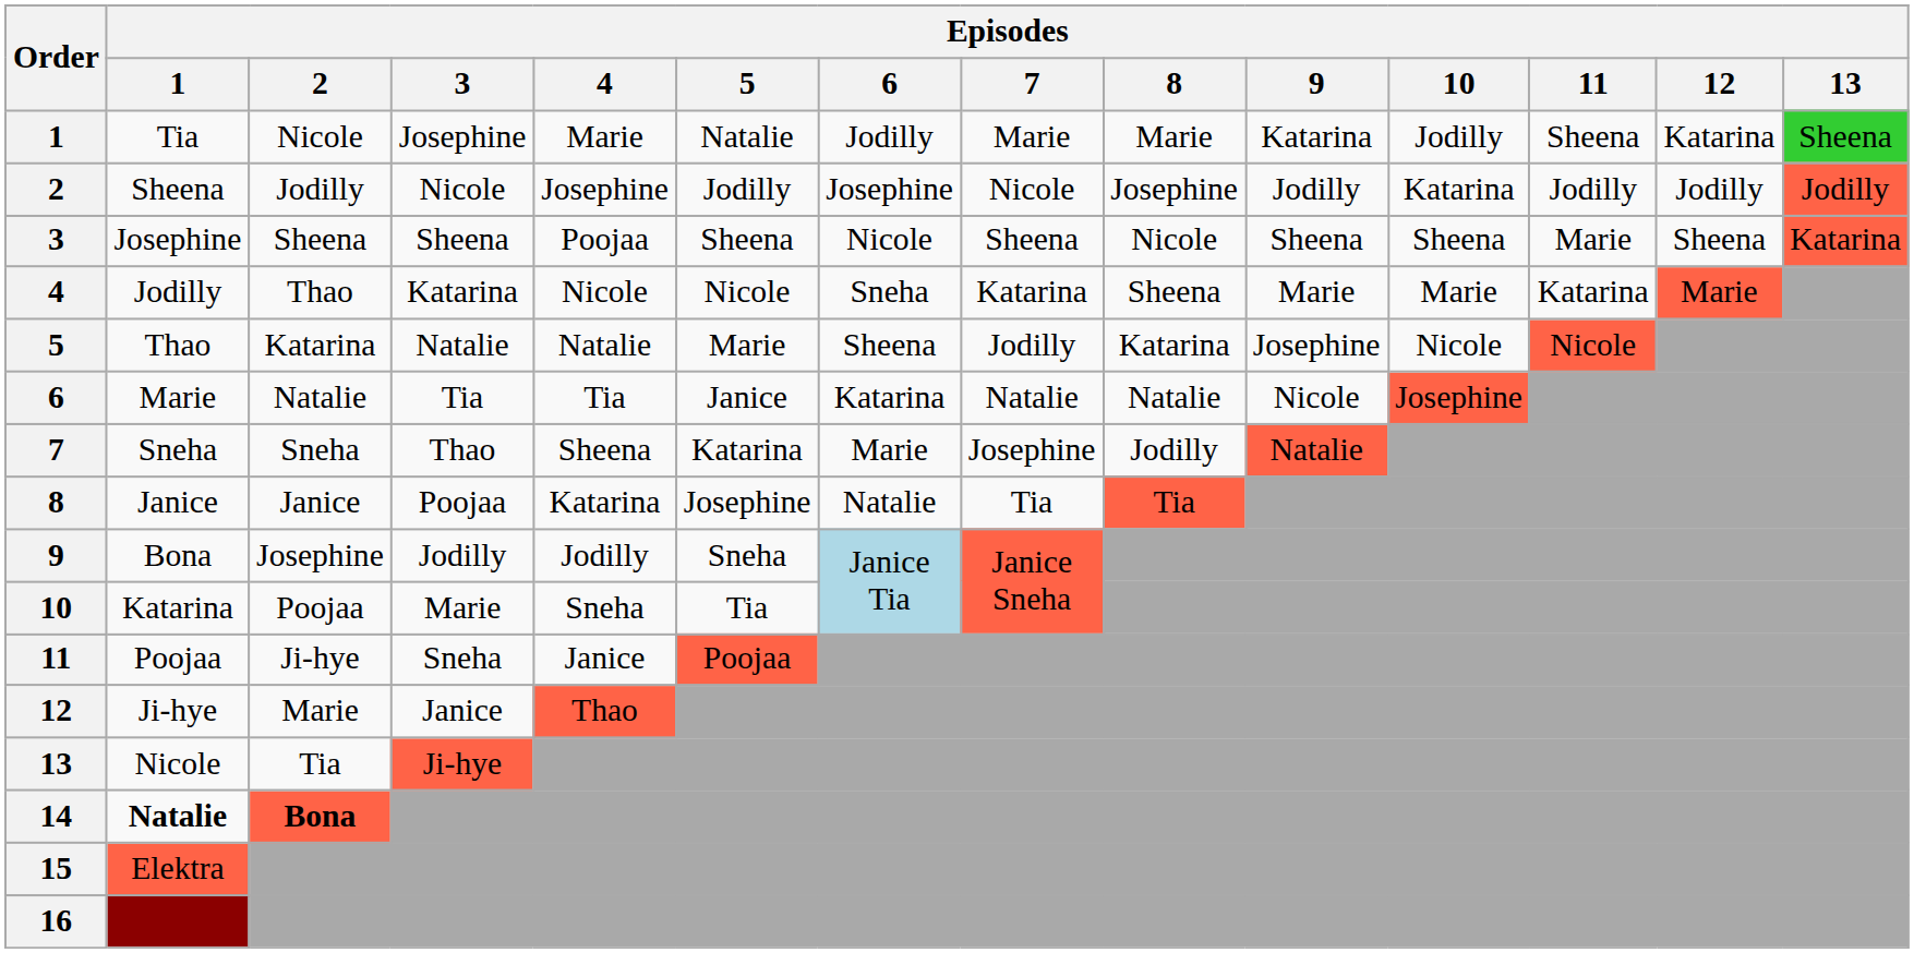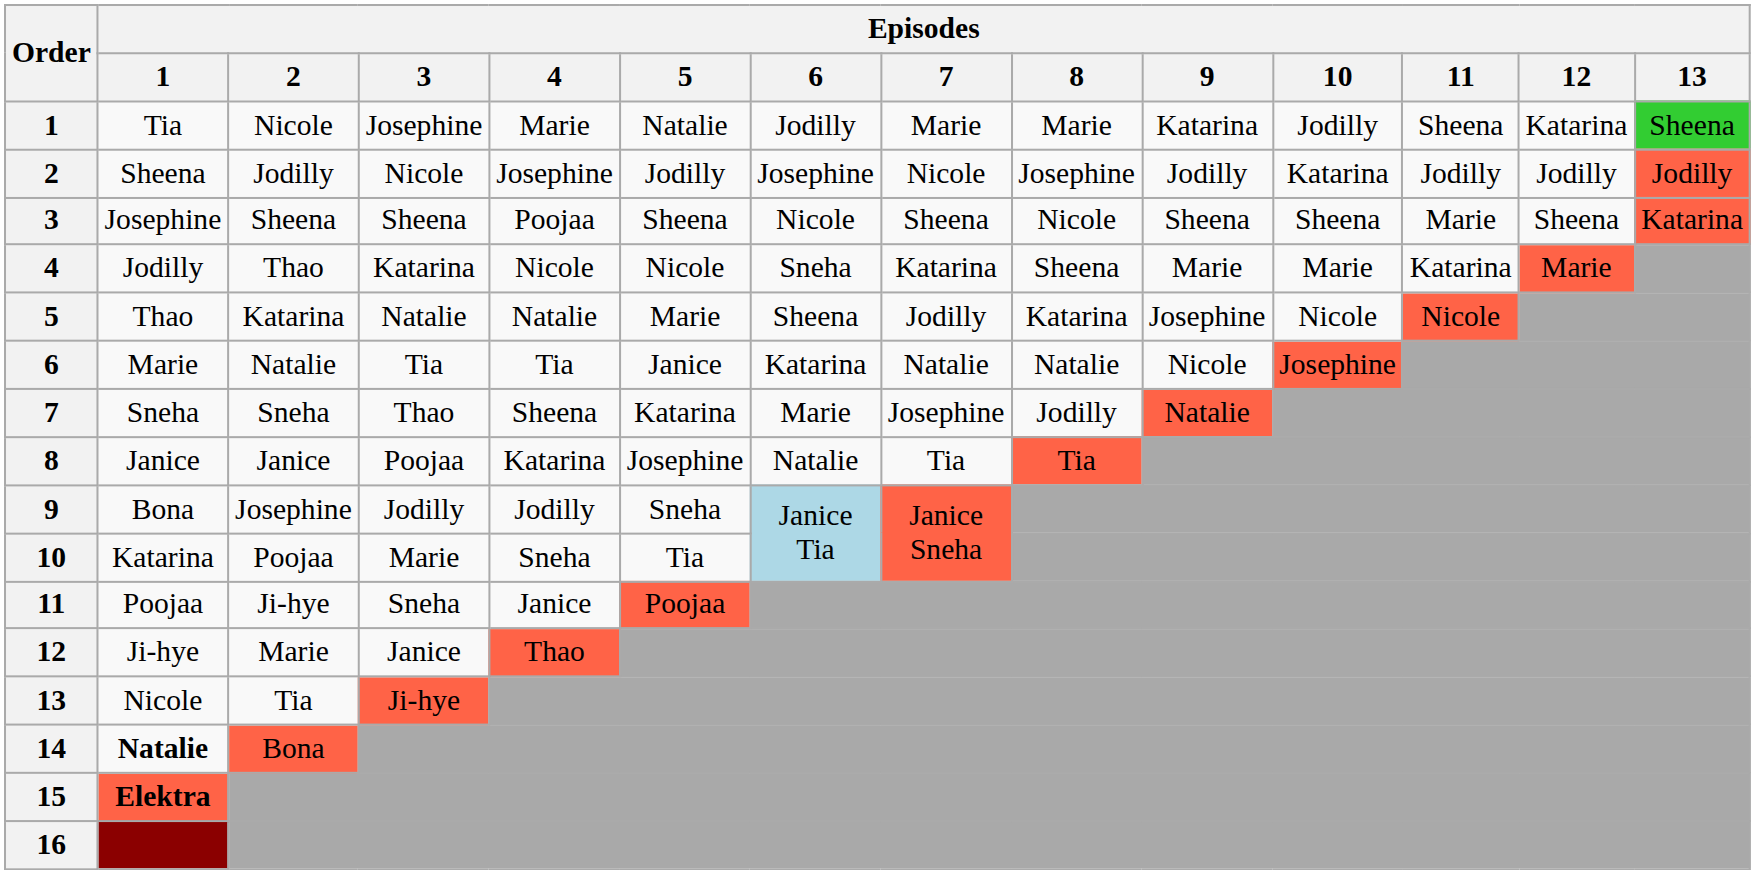 <table class="wikitable" style="text-align:center; font-size:92%">
 <tr>
 <th rowspan=2>Order</th>
 <th colspan=13>Episodes</th>
 </tr>
 <tr>
 <th>1</th>
 <th>2</th>
 <th>3</th>
 <th>4</th>
 <th>5</th>
 <th>6</th>
 <th>7</th>
 <th>8</th>
 <th>9</th>
 <th>10</th>
 <th>11</th>
 <th>12</th>
 <th>13</th>
 </tr>
 <tr>
 <th>1</th>
 <td>Tia</td>
 <td>Nicole</td>
 <td>Josephine</td>
 <td>Marie</td>
 <td>Natalie</td>
 <td>Jodilly</td>
 <td>Marie</td>
 <td>Marie</td>
 <td>Katarina</td>
 <td>Jodilly</td>
 <td>Sheena</td>
 <td>Katarina</td>
 <td style="background:limegreen;">Sheena</td>
 </tr>
 <tr>
 <th>2</th>
 <td>Sheena</td>
 <td>Jodilly</td>
 <td>Nicole</td>
 <td>Josephine</td>
 <td>Jodilly</td>
 <td>Josephine</td>
 <td>Nicole</td>
 <td>Josephine</td>
 <td>Jodilly</td>
 <td>Katarina</td>
 <td>Jodilly</td>
 <td>Jodilly</td>
 <td style="background:tomato;">Jodilly</td>
 </tr>
 <tr>
 <th>3</th>
 <td>Josephine</td>
 <td>Sheena</td>
 <td>Sheena</td>
 <td>Poojaa</td>
 <td>Sheena</td>
 <td>Nicole</td>
 <td>Sheena</td>
 <td>Nicole</td>
 <td>Sheena</td>
 <td>Sheena</td>
 <td>Marie</td>
 <td>Sheena</td>
 <td style="background:tomato;">Katarina</td>
 </tr>
 <tr>
 <th>4</th>
 <td>Jodilly</td>
 <td>Thao</td>
 <td>Katarina</td>
 <td>Nicole</td>
 <td>Nicole</td>
 <td>Sneha</td>
 <td>Katarina</td>
 <td>Sheena</td>
 <td>Marie</td>
 <td>Marie</td>
 <td>Katarina</td>
 <td style="background:tomato;">Marie</td>
 <td style="background:darkgray;" colspan="4"></td>
 </tr>
 <tr>
 <th>5</th>
 <td>Thao</td>
 <td>Katarina</td>
 <td>Natalie</td>
 <td>Natalie</td>
 <td>Marie</td>
 <td>Sheena</td>
 <td>Jodilly</td>
 <td>Katarina</td>
 <td>Josephine</td>
 <td>Nicole</td>
 <td style="background:tomato;">Nicole</td>
 <td style="background:darkgray;" colspan="5"></td>
 </tr>
 <tr>
 <th>6</th>
 <td>Marie</td>
 <td>Natalie</td>
 <td>Tia</td>
 <td>Tia</td>
 <td>Janice</td>
 <td>Katarina</td>
 <td>Natalie</td>
 <td>Natalie</td>
 <td>Nicole</td>
 <td style="background:tomato;">Josephine</td>
 <td colspan="6" style="background:darkgray;"></td>
 </tr>
 <tr>
 <th>7</th>
 <td>Sneha</td>
 <td>Sneha</td>
 <td>Thao</td>
 <td>Sheena</td>
 <td>Katarina</td>
 <td>Marie</td>
 <td>Josephine</td>
 <td>Jodilly</td>
 <td style="background:tomato;">Natalie</td>
 <td style="background:darkgray;" colspan="7"></td>
 </tr>
 <tr>
 <th>8</th>
 <td>Janice</td>
 <td>Janice</td>
 <td>Poojaa</td>
 <td>Katarina</td>
 <td>Josephine</td>
 <td>Natalie</td>
 <td>Tia</td>
 <td style="background:tomato;">Tia</td>
 <td style="background:darkgray;" colspan="8"></td>
 </tr>
 <tr>
 <th>9</th>
 <td>Bona</td>
 <td>Josephine</td>
 <td>Jodilly</td>
 <td>Jodilly</td>
 <td>Sneha</td>
 <td rowspan="2" style="background:lightblue;">Janice<br>Tia</td>
 <td rowspan="2" style="background:tomato;">Janice<br>Sneha</td>
 <td style="background:darkgray;" colspan="9"></td>
 </tr>
 <tr>
 <th>10</th>
 <td>Katarina</td>
 <td>Poojaa</td>
 <td>Marie</td>
 <td>Sneha</td>
 <td>Tia</td>
 <td style="background:darkgray;" colspan="10"></td>
 </tr>
 <tr>
 <th>11</th>
 <td>Poojaa</td>
 <td>Ji-hye</td>
 <td>Sneha</td>
 <td>Janice</td>
 <td style="background:tomato;">Poojaa</td>
 <td style="background:darkgray;" colspan="11"></td>
 </tr>
 <tr>
 <th>12</th>
 <td>Ji-hye</td>
 <td>Marie</td>
 <td>Janice</td>
 <td style="background:tomato;">Thao</td>
 <td style="background:darkgray;" colspan="12"></td>
 </tr>
 <tr>
 <th>13</th>
 <td>Nicole</td>
 <td>Tia</td>
 <td style="background:tomato;">Ji-hye</td>
 <td style="background:darkgray;" colspan="13"></td>
 </tr>
 <tr>
 <th>14</th>
 <td><strong>Natalie</strong></td>
-<td style="background:tomato;"><strong>Bona</strong></td>
+<td style="background:tomato;">Bona</td>
 <td style="background:darkgray;" colspan="14"></td>
 </tr>
 <tr>
 <th>15</th>
-<td style="background:tomato;">Elektra</td>
+<td style="background:tomato;"><strong>Elektra</strong></td>
 <td style="background:darkgray;" colspan="15"></td>
 </tr>
 <tr>
 <th>16</th>
 <td style="background:darkred;"></td>
 <td style="background:darkgray;" colspan="16"></td>
 </tr>
 </table>
